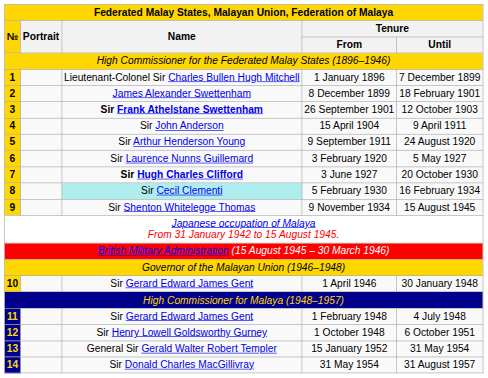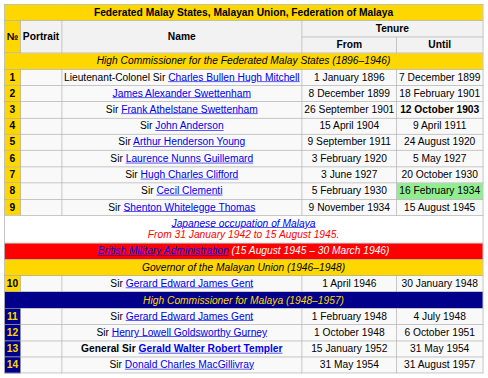 <table class="wikitable" style="text-align:center">
 <tr>
 <th align=center style="background:gold; color:black;" colspan="5"> Federated Malay States,  Malayan Union,  Federation of Malaya <em></em></th>
 </tr>
 <tr>
 <th align=center style="background:gold; color:black;" rowspan="2">№</th>
 <th rowspan="2">Portrait</th>
 <th rowspan="2">Name</th>
 <th colspan="2">Tenure</th>
 </tr>
 <tr>
 <th>From</th>
 <th>Until</th>
 </tr>
 <tr>
 <td align=center style="background:gold; color:black;"colspan="5"> <em>High Commissioner for the</em> <em>Federated Malay States (1896–1946)</em> </td>
 </tr>
 <tr>
 <th align=center style="background:gold; color:black;">1</th>
 <td></td>
 <td>Lieutenant-Colonel Sir <a href='#'>Charles Bullen Hugh Mitchell</a></td>
 <td>1 January 1896</td>
 <td>7 December 1899</td>
 </tr>
 <tr>
 <th align=center style="background:gold; color:black;">2</th>
 <td></td>
 <td><a href='#'>James Alexander Swettenham</a></td>
 <td>8 December 1899</td>
 <td>18 February 1901</td>
 </tr>
 <tr>
 <th align=center style="background:gold; color:black;">3</th>
 <td></td>
-<td><strong>Sir <a href='#'>Frank Athelstane Swettenham</a></strong></td>
+<td>Sir <a href='#'>Frank Athelstane Swettenham</a></td>
 <td>26 September 1901</td>
-<td>12 October 1903</td>
+<td><strong>12 October 1903</strong></td>
 </tr>
 <tr>
 <th align=center style="background:gold; color:black;">4</th>
 <td></td>
 <td>Sir <a href='#'>John Anderson</a></td>
 <td>15 April 1904</td>
 <td>9 April 1911</td>
 </tr>
 <tr>
 <th align=center style="background:gold; color:black;">5</th>
 <td></td>
 <td>Sir <a href='#'>Arthur Henderson Young</a></td>
 <td>9 September 1911</td>
 <td>24 August 1920</td>
 </tr>
 <tr>
 <th align=center style="background:gold; color:black;">6</th>
 <td></td>
 <td>Sir <a href='#'>Laurence Nunns Guillemard</a></td>
 <td>3 February 1920</td>
 <td>5 May 1927</td>
 </tr>
 <tr>
 <th align=center style="background:gold; color:black;">7</th>
 <td></td>
-<td><strong>Sir <a href='#'>Hugh Charles Clifford</a></strong></td>
+<td>Sir <a href='#'>Hugh Charles Clifford</a></td>
 <td>3 June 1927</td>
 <td>20 October 1930</td>
 </tr>
 <tr>
 <th align=center style="background:gold; color:black;">8</th>
 <td></td>
-<td style="background: paleturquoise;">Sir <a href='#'>Cecil Clementi</a></td>
+<td>Sir <a href='#'>Cecil Clementi</a></td>
 <td>5 February 1930</td>
-<td>16 February 1934</td>
+<td style="background: lightgreen;">16 February 1934</td>
 </tr>
 <tr>
 <th align=center style="background:gold; color:black;">9</th>
 <td></td>
 <td>Sir <a href='#'>Shenton Whitelegge Thomas</a></td>
 <td>9 November 1934</td>
 <td>15 August 1945</td>
 </tr>
 <tr>
 <td colspan="5" align="center" style="background:white; color:red;"> <em><a href='#'><span>Japanese occupation of Malaya</span></a></em> <br><em>From 31 January 1942 to 15 August 1945.</em></td>
 </tr>
 <tr>
 <td colspan="5" align="center" style="background:red; color:white;"><em></em> <em><a href='#'><span>British Military Administration</span></a> (15 August 1945 – 30 March 1946) </em></td>
 </tr>
 <tr>
 <td colspan="5" align="center" style="background:gold; color:black;"> <em>Governor of the</em> <em>Malayan Union (1946–1948) </em></td>
 </tr>
 <tr>
 <th align="center" style="background:gold; color:black;">10</th>
 <td></td>
 <td>Sir <a href='#'>Gerard Edward James Gent</a></td>
 <td>1 April 1946</td>
 <td>30 January 1948</td>
 </tr>
 <tr>
 <td colspan="5" align="center" style="background:darkblue; color:gold;"> <em>High Commissioner for</em> <em>Malaya (1948–1957) </em></td>
 </tr>
 <tr>
 <th align="center" style="background:darkblue; color:gold;">11</th>
 <td></td>
 <td>Sir <a href='#'>Gerard Edward James Gent</a></td>
 <td>1 February 1948</td>
 <td>4 July 1948</td>
 </tr>
 <tr>
 <th align="center" style="background:darkblue; color:gold;">12</th>
 <td></td>
 <td>Sir <a href='#'>Henry Lowell Goldsworthy Gurney</a></td>
 <td>1 October 1948</td>
 <td>6 October 1951</td>
 </tr>
 <tr>
 <th align="center" style="background:darkblue; color:gold;">13</th>
 <td></td>
-<td>General Sir <a href='#'>Gerald Walter Robert Templer</a></td>
+<td><strong>General Sir <a href='#'>Gerald Walter Robert Templer</a></strong></td>
 <td>15 January 1952</td>
 <td>31 May 1954</td>
 </tr>
 <tr>
 <th align="center" style="background:darkblue; color:gold;">14</th>
 <td></td>
 <td>Sir <a href='#'>Donald Charles MacGillivray</a></td>
 <td>31 May 1954</td>
 <td>31 August 1957</td>
 </tr>
 </table>
